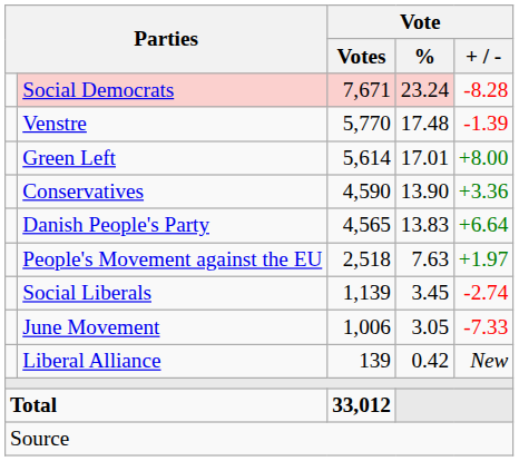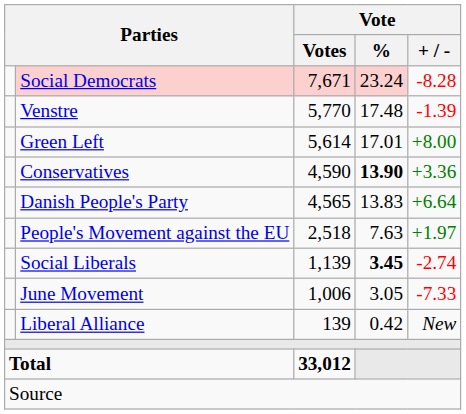 <table class="wikitable" style="text-align:right;">
 <tr>
 <th style="text-align:centre;" rowspan="2" colspan="2" width="225">Parties</th>
 <th colspan="3">Vote</th>
 </tr>
 <tr>
 <th width="15">Votes</th>
 <th width="15">%</th>
 <th width="15">+ / -</th>
 </tr>
 <tr>
 <td width="2" style="color:inherit;background:"></td>
 <td bgcolor=#fbd0ce   align="left"><a href='#'>Social Democrats</a></td>
 <td bgcolor=#fbd0ce>7,671</td>
 <td bgcolor=#fbd0ce>23.24</td>
 <td style=color:red;>-8.28</td>
 </tr>
 <tr>
 <td width="2" style="color:inherit;background:"></td>
 <td align="left"><a href='#'>Venstre</a></td>
 <td>5,770</td>
 <td>17.48</td>
 <td style=color:red;>-1.39</td>
 </tr>
 <tr>
 <td width="2" style="color:inherit;background:"></td>
 <td align="left"><a href='#'>Green Left</a></td>
 <td>5,614</td>
 <td>17.01</td>
 <td style=color:green;>+8.00</td>
 </tr>
 <tr>
 <td width="2" style="color:inherit;background:"></td>
 <td align="left"><a href='#'>Conservatives</a></td>
 <td>4,590</td>
-<td>13.90</td>
+<td><strong>13.90</strong></td>
 <td style=color:green;>+3.36</td>
 </tr>
 <tr>
 <td width="2" style="color:inherit;background:"></td>
 <td align="left"><a href='#'>Danish People's Party</a></td>
 <td>4,565</td>
 <td>13.83</td>
 <td style=color:green;>+6.64</td>
 </tr>
 <tr>
 <td width="2" style="color:inherit;background:"></td>
 <td align="left"><a href='#'>People's Movement against the EU</a></td>
 <td>2,518</td>
 <td>7.63</td>
 <td style=color:green;>+1.97</td>
 </tr>
 <tr>
 <td width="2" style="color:inherit;background:"></td>
 <td align="left"><a href='#'>Social Liberals</a></td>
 <td>1,139</td>
-<td>3.45</td>
+<td><strong>3.45</strong></td>
 <td style=color:red;>-2.74</td>
 </tr>
 <tr>
 <td width="2" style="color:inherit;background:"></td>
 <td align="left"><a href='#'>June Movement</a></td>
 <td>1,006</td>
 <td>3.05</td>
 <td style=color:red;>-7.33</td>
 </tr>
 <tr>
 <td width="2" style="color:inherit;background:"></td>
 <td align="left"><a href='#'>Liberal Alliance</a></td>
 <td>139</td>
 <td>0.42</td>
 <td><em>New</em></td>
 </tr>
 <tr>
 <td colspan="7" bgcolor="#E9E9E9"></td>
 </tr>
 <tr>
 <td align="left" colspan="2"><strong>Total</strong></td>
 <td><strong>33,012</strong></td>
 <td bgcolor="#E9E9E9" colspan="2"></td>
 </tr>
 <tr>
 <td align="left" colspan="6">Source</td>
 </tr>
 </table>
